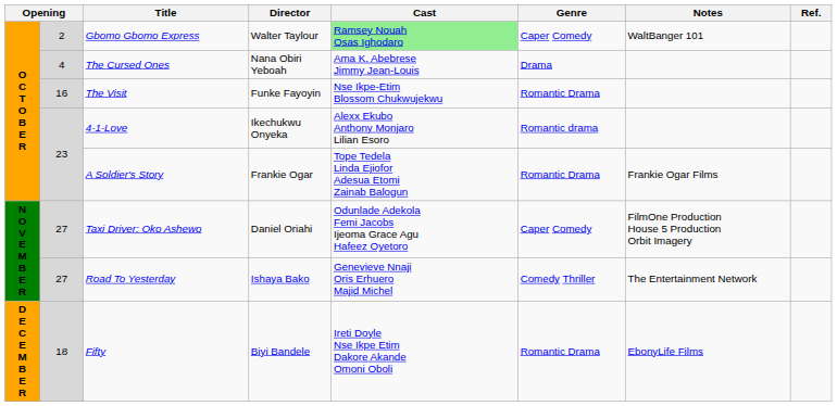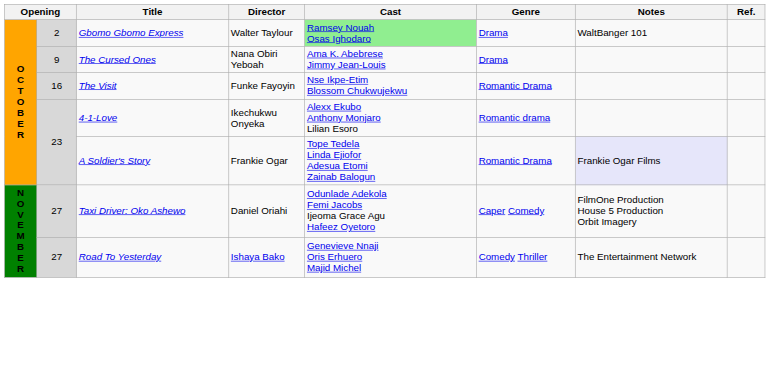 <table class="wikitable">
 <tr>
 <th colspan="2">Opening</th>
 <th style="width:20%;">Title</th>
 <th style="width:10%;">Director</th>
 <th>Cast</th>
 <th style="width:13%">Genre</th>
 <th style="width:20%">Notes</th>
 <th>Ref.</th>
 </tr>
 <tr>
 <td rowspan=5 style="text-align:center; background:orange; textcolor:#000;"><strong>O<br>C<br>T<br>O<br>B<br>E<br>R<br></strong></td>
 <td rowspan=1 style="text-align:center; background:#d8d8d8; textcolor:#000;">2</td>
 <td><em><a href='#'>Gbomo Gbomo Express</a></em></td>
 <td>Walter Taylour</td>
 <td style="background: lightgreen;"><a href='#'>Ramsey Nouah</a><br><a href='#'>Osas Ighodaro</a></td>
-<td><a href='#'>Caper</a> <a href='#'>Comedy</a></td>
+<td><a href='#'>Drama</a></td>
 <td>WaltBanger 101</td>
 <td></td>
 </tr>
 <tr>
-<td rowspan=1 style="text-align:center; background:#d8d8d8; textcolor:#000;">4</td>
+<td rowspan=1 style="text-align:center; background:#d8d8d8; textcolor:#000;">9</td>
 <td><em><a href='#'>The Cursed Ones</a></em></td>
 <td>Nana Obiri Yeboah</td>
 <td><a href='#'>Ama K. Abebrese</a><br><a href='#'>Jimmy Jean-Louis</a></td>
 <td><a href='#'>Drama</a></td>
 <td></td>
 <td></td>
 </tr>
 <tr>
 <td rowspan=1 style="text-align:center; background:#d8d8d8; textcolor:#000;">16</td>
 <td><em><a href='#'>The Visit</a></em></td>
 <td>Funke Fayoyin</td>
 <td><a href='#'>Nse Ikpe-Etim</a> <br><a href='#'>Blossom Chukwujekwu</a></td>
 <td><a href='#'>Romantic Drama</a></td>
 <td></td>
 <td></td>
 </tr>
 <tr>
 <td rowspan=2 style="text-align:center; background:#d8d8d8; textcolor:#000;">23</td>
 <td><em><a href='#'>4-1-Love</a></em></td>
 <td>Ikechukwu Onyeka</td>
 <td><a href='#'>Alexx Ekubo</a><br><a href='#'>Anthony Monjaro</a> <br>Lilian Esoro</td>
 <td><a href='#'>Romantic drama</a></td>
 <td></td>
 <td></td>
 </tr>
 <tr>
 <td><em><a href='#'>A Soldier's Story</a></em></td>
 <td>Frankie Ogar</td>
 <td><a href='#'>Tope Tedela</a><br><a href='#'>Linda Ejiofor</a> <br><a href='#'>Adesua Etomi</a><br><a href='#'>Zainab Balogun</a></td>
 <td><a href='#'>Romantic Drama</a></td>
-<td>Frankie Ogar Films</td>
+<td style="background: lavender;">Frankie Ogar Films</td>
 <td></td>
 </tr>
 <tr>
 <td rowspan=2 style="text-align:center; background:green; textcolor:#000;"><strong>N<br>O<br>V<br>E<br>M<br>B<br>E<br>R<br></strong></td>
 <td rowspan=1 style="text-align:center; background:#d8d8d8; textcolor:#000;">27</td>
 <td><em><a href='#'>Taxi Driver: Oko Ashewo</a></em></td>
 <td>Daniel Oriahi</td>
 <td><a href='#'>Odunlade Adekola</a><br><a href='#'>Femi Jacobs</a><br>Ijeoma Grace Agu<br><a href='#'>Hafeez Oyetoro</a></td>
 <td><a href='#'>Caper</a> <a href='#'>Comedy</a></td>
 <td>FilmOne Production <br> House 5 Production <br> Orbit Imagery</td>
 <td></td>
 </tr>
 <tr>
 <td rowspan=1 style="text-align:center; background:#d8d8d8; textcolor:#000;">27</td>
 <td><em><a href='#'>Road To Yesterday</a></em></td>
 <td><a href='#'>Ishaya Bako</a></td>
 <td><a href='#'>Genevieve Nnaji</a><br><a href='#'>Oris Erhuero</a><br><a href='#'>Majid Michel</a></td>
 <td><a href='#'>Comedy</a> <a href='#'>Thriller</a></td>
 <td>The Entertainment Network</td>
 <td></td>
 </tr>
-<tr>
-<td rowspan=1 style="text-align:center; background:orange; textcolor:#000;"><strong>D<br>E<br>C<br>E<br>M<br>B<br>E<br>R<br></strong></td>
-<td rowspan=1 style="text-align:center; background:#d8d8d8; textcolor:#000;">18</td>
-<td><em><a href='#'>Fifty</a></em></td>
-<td><a href='#'>Biyi Bandele</a></td>
-<td><a href='#'>Ireti Doyle</a><br><a href='#'>Nse Ikpe Etim</a><br><a href='#'>Dakore Akande</a><br><a href='#'>Omoni Oboli</a></td>
-<td><a href='#'>Romantic Drama</a></td>
-<td><a href='#'>EbonyLife Films</a></td>
-<td></td>
-</tr>
 </table>
